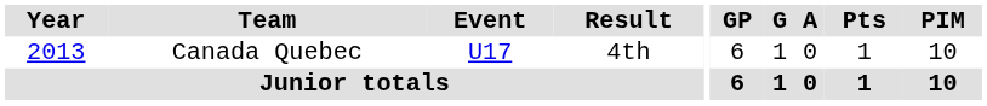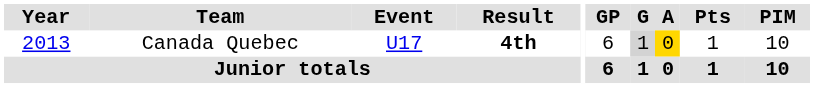 <table border="0" cellpadding="1" cellspacing="0" ID="Table3" style="text-align:center; width:40em">
 <tr ALIGN="center" bgcolor="#e0e0e0">
 <th>Year</th>
 <th>Team</th>
 <th>Event</th>
 <th>Result</th>
 <th rowspan="99" bgcolor="#ffffff"></th>
 <th>GP</th>
 <th>G</th>
 <th>A</th>
 <th>Pts</th>
 <th>PIM</th>
 </tr>
 <tr>
 <td><a href='#'>2013</a></td>
 <td>Canada Quebec</td>
 <td><a href='#'>U17</a></td>
-<td>4th</td>
+<td><strong>4th</strong></td>
 <td>6</td>
-<td>1</td>
-<td>0</td>
+<td style="background: lightgrey;">1</td>
+<td style="background: gold;">0</td>
 <td>1</td>
 <td>10</td>
 </tr>
 <tr bgcolor="#e0e0e0">
 <th colspan="4">Junior totals</th>
 <th>6</th>
 <th>1</th>
 <th>0</th>
 <th>1</th>
 <th>10</th>
 </tr>
 </table>
